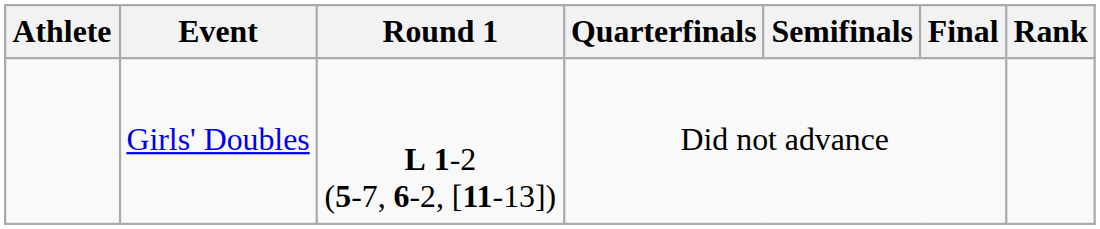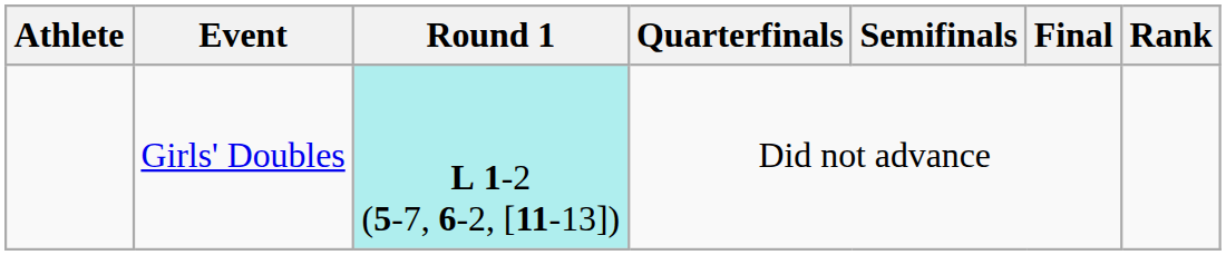 <table class=wikitable style="font-size:90%">
 <tr>
 <th>Athlete</th>
 <th>Event</th>
 <th>Round 1</th>
 <th>Quarterfinals</th>
 <th>Semifinals</th>
 <th>Final</th>
 <th>Rank</th>
 </tr>
 <tr>
 <td> <br></td>
 <td><a href='#'>Girls' Doubles</a></td>
-<td align=center><br><br><strong>L</strong> <strong>1</strong>-2<br> (<strong>5</strong>-7, <strong>6</strong>-2, [<strong>11</strong>-13])</td>
+<td align=center style="background: paleturquoise;"><br><br><strong>L</strong> <strong>1</strong>-2<br> (<strong>5</strong>-7, <strong>6</strong>-2, [<strong>11</strong>-13])</td>
 <td colspan=3 align=center>Did not advance</td>
 <td align=center></td>
 </tr>
 </table>
